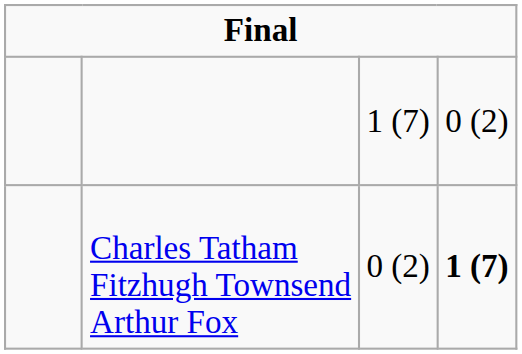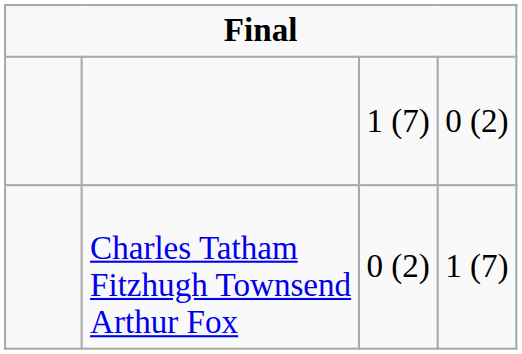 <table class=wikitable style="text-align:center">
 <tr>
 <td colspan=4><strong>Final</strong></td>
 </tr>
 <tr>
 <td width=30></td>
 <td align=left><br><br><br></td>
 <td>1 (7)</td>
 <td>0 (2)</td>
 </tr>
 <tr>
 <td></td>
 <td align=left><br><a href='#'>Charles Tatham</a><br><a href='#'>Fitzhugh Townsend</a><br><a href='#'>Arthur Fox</a></td>
 <td>0 (2)</td>
-<td><strong>1 (7)</strong></td>
+<td>1 (7)</td>
 </tr>
 </table>
